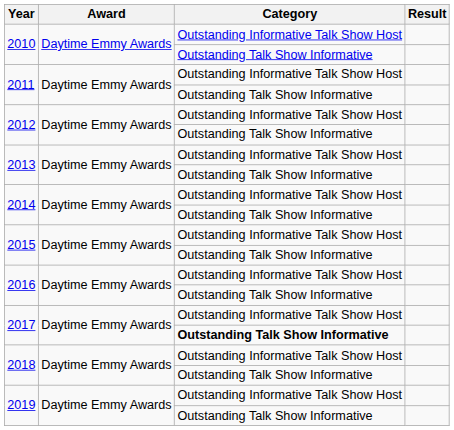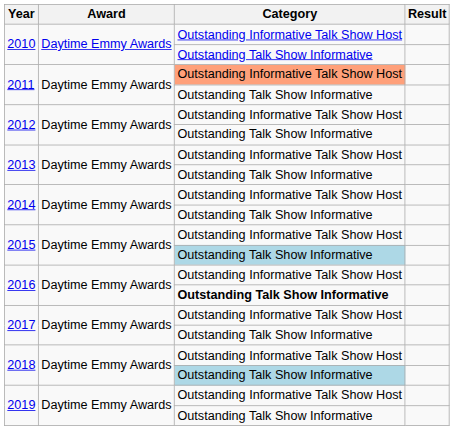 <table class="wikitable">
 <tr>
 <th>Year</th>
 <th>Award</th>
 <th>Category</th>
 <th>Result</th>
 </tr>
 <tr>
 <td rowspan="2"><a href='#'>2010</a></td>
 <td rowspan="2"><a href='#'>Daytime Emmy Awards</a></td>
 <td><a href='#'>Outstanding Informative Talk Show Host</a></td>
 <td></td>
 </tr>
 <tr>
 <td><a href='#'>Outstanding Talk Show Informative</a></td>
 <td></td>
 </tr>
 <tr>
 <td rowspan="2"><a href='#'>2011</a></td>
 <td rowspan="2">Daytime Emmy Awards</td>
-<td>Outstanding Informative Talk Show Host</td>
+<td style="background: lightsalmon;">Outstanding Informative Talk Show Host</td>
 <td></td>
 </tr>
 <tr>
 <td>Outstanding Talk Show Informative</td>
 <td></td>
 </tr>
 <tr>
 <td rowspan="2"><a href='#'>2012</a></td>
 <td rowspan="2">Daytime Emmy Awards</td>
 <td>Outstanding Informative Talk Show Host</td>
 <td></td>
 </tr>
 <tr>
 <td>Outstanding Talk Show Informative</td>
 <td></td>
 </tr>
 <tr>
 <td rowspan="2"><a href='#'>2013</a></td>
 <td rowspan="2">Daytime Emmy Awards</td>
 <td>Outstanding Informative Talk Show Host</td>
 <td></td>
 </tr>
 <tr>
 <td>Outstanding Talk Show Informative</td>
 <td></td>
 </tr>
 <tr>
 <td rowspan="2"><a href='#'>2014</a></td>
 <td rowspan="2">Daytime Emmy Awards</td>
 <td>Outstanding Informative Talk Show Host</td>
 <td></td>
 </tr>
 <tr>
 <td>Outstanding Talk Show Informative</td>
 <td></td>
 </tr>
 <tr>
 <td rowspan="2"><a href='#'>2015</a></td>
 <td rowspan="2">Daytime Emmy Awards</td>
 <td>Outstanding Informative Talk Show Host</td>
 <td></td>
 </tr>
 <tr>
-<td>Outstanding Talk Show Informative</td>
+<td style="background: lightblue;">Outstanding Talk Show Informative</td>
 <td></td>
 </tr>
 <tr>
 <td rowspan="2"><a href='#'>2016</a></td>
 <td rowspan="2">Daytime Emmy Awards</td>
 <td>Outstanding Informative Talk Show Host</td>
 <td></td>
 </tr>
 <tr>
-<td>Outstanding Talk Show Informative</td>
+<td><strong>Outstanding Talk Show Informative</strong></td>
 <td></td>
 </tr>
 <tr>
 <td rowspan="2"><a href='#'>2017</a></td>
 <td rowspan="2">Daytime Emmy Awards</td>
 <td>Outstanding Informative Talk Show Host</td>
 <td></td>
 </tr>
 <tr>
-<td><strong>Outstanding Talk Show Informative</strong></td>
+<td>Outstanding Talk Show Informative</td>
 <td></td>
 </tr>
 <tr>
 <td rowspan="2"><a href='#'>2018</a></td>
 <td rowspan="2">Daytime Emmy Awards</td>
 <td>Outstanding Informative Talk Show Host</td>
 <td></td>
 </tr>
 <tr>
-<td>Outstanding Talk Show Informative</td>
+<td style="background: lightblue;">Outstanding Talk Show Informative</td>
 <td></td>
 </tr>
 <tr>
 <td rowspan="2"><a href='#'>2019</a></td>
 <td rowspan="2">Daytime Emmy Awards</td>
 <td>Outstanding Informative Talk Show Host</td>
 <td></td>
 </tr>
 <tr>
 <td>Outstanding Talk Show Informative</td>
 <td></td>
 </tr>
 </table>
